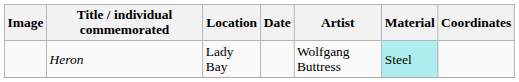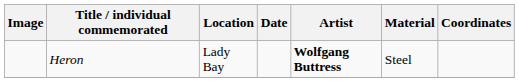 <table class="wikitable sortable">
 <tr>
 <th class="unsortable">Image</th>
 <th>Title / individual commemorated</th>
 <th>Location</th>
 <th>Date</th>
 <th>Artist</th>
 <th>Material</th>
 <th>Coordinates</th>
 </tr>
 <tr>
 <td></td>
 <td><em>Heron</em></td>
 <td>Lady Bay</td>
 <td></td>
-<td>Wolfgang Buttress</td>
-<td style="background: paleturquoise;">Steel</td>
+<td><strong>Wolfgang Buttress</strong></td>
+<td>Steel</td>
 <td></td>
 </tr>
 <tr>
 </tr>
 </table>
